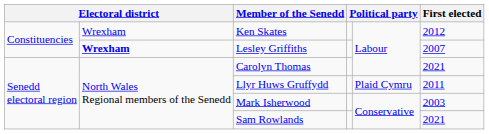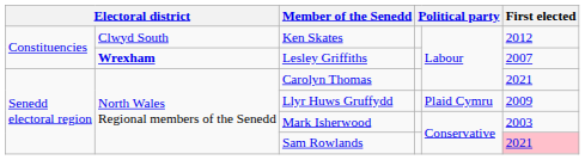 <table class="wikitable sortable">
 <tr>
 <th colspan="2"><a href='#'>Electoral district</a></th>
 <th><a href='#'>Member of the Senedd</a></th>
 <th colspan="2" style="vertical-align:top;"><a href='#'>Political party</a></th>
 <th>First elected</th>
 </tr>
 <tr>
 <td rowspan="2"><a href='#'>Constituencies</a></td>
-<td><a href='#'>Wrexham</a></td>
+<td><a href='#'>Clwyd South</a></td>
 <td><a href='#'>Ken Skates</a></td>
 <td style="color:inherit;background:"></td>
 <td rowspan="3"><a href='#'>Labour</a></td>
 <td><a href='#'>2012</a></td>
 </tr>
 <tr>
 <td><strong><a href='#'>Wrexham</a></strong></td>
 <td><a href='#'>Lesley Griffiths</a></td>
 <td style="color:inherit;background:"></td>
 <td><a href='#'>2007</a></td>
 </tr>
 <tr>
 <td rowspan="4"><a href='#'>Senedd</a><br><a href='#'>electoral region</a></td>
 <td rowspan="4"><a href='#'>North Wales</a><br>Regional members of the Senedd</td>
 <td><a href='#'>Carolyn Thomas</a></td>
 <td style="color:inherit;background:"></td>
 <td><a href='#'>2021</a></td>
 </tr>
 <tr>
 <td><a href='#'>Llyr Huws Gruffydd</a></td>
 <td style="color:inherit;background:"></td>
 <td><a href='#'>Plaid Cymru</a></td>
-<td><a href='#'>2011</a></td>
+<td><a href='#'>2009</a></td>
 </tr>
 <tr>
 <td><a href='#'>Mark Isherwood</a></td>
 <td style="color:inherit;background:"></td>
 <td rowspan="2"><a href='#'>Conservative</a></td>
 <td><a href='#'>2003</a></td>
 </tr>
 <tr>
 <td><a href='#'>Sam Rowlands</a></td>
 <td style="color:inherit;background:"></td>
-<td><a href='#'>2021</a></td>
+<td style="background: pink;"><a href='#'>2021</a></td>
 </tr>
 </table>
